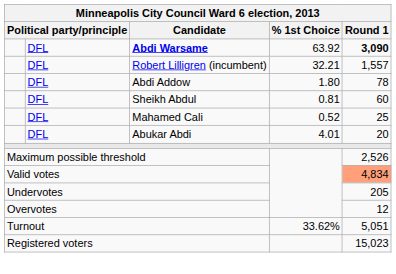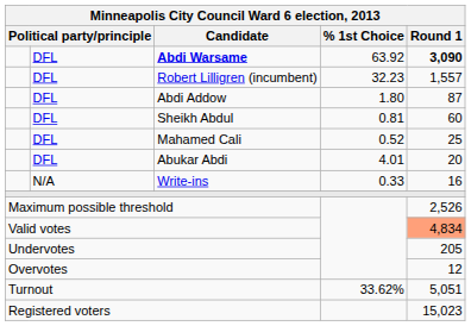 <table class="wikitable" style="font-size:95%">
 <tr>
 <th colspan="5">Minneapolis City Council Ward 6 election, 2013</th>
 </tr>
 <tr>
 <th colspan="2">Political party/principle</th>
 <th>Candidate</th>
 <th>% 1st Choice</th>
 <th>Round 1</th>
 </tr>
 <tr>
 <td style="background-color:"></td>
 <td><a href='#'>DFL</a></td>
 <td><strong><a href='#'>Abdi Warsame</a></strong></td>
 <td align="right">63.92</td>
 <td align="right"><strong>3,090</strong></td>
 </tr>
 <tr>
 <td style="background-color:"></td>
 <td><a href='#'>DFL</a></td>
 <td><a href='#'>Robert Lilligren</a> (incumbent)</td>
-<td align="right">32.21</td>
+<td align="right">32.23</td>
 <td align="right">1,557</td>
 </tr>
 <tr>
 <td style="background-color:"></td>
 <td><a href='#'>DFL</a></td>
 <td>Abdi Addow</td>
 <td align="right">1.80</td>
-<td align="right">78</td>
+<td align="right">87</td>
 </tr>
 <tr>
 <td style="background-color:"></td>
 <td><a href='#'>DFL</a></td>
 <td>Sheikh Abdul</td>
 <td align="right">0.81</td>
 <td align="right">60</td>
 </tr>
 <tr>
 <td style="background-color:"></td>
 <td><a href='#'>DFL</a></td>
 <td>Mahamed Cali</td>
 <td align="right">0.52</td>
 <td align="right">25</td>
 </tr>
 <tr>
 <td style="background-color:"></td>
 <td><a href='#'>DFL</a></td>
 <td>Abukar Abdi</td>
 <td align="right">4.01</td>
 <td align="right">20</td>
+</tr>
+<tr>
+<td style="background-color:"></td>
+<td>N/A</td>
+<td><a href='#'>Write-ins</a></td>
+<td align="right">0.33</td>
+<td align="right">16</td>
 </tr>
 <tr>
 <td colspan="5" style="background: #E9E9E9"></td>
 </tr>
 <tr>
 <td colspan="3">Maximum possible threshold</td>
 <td rowspan="4"></td>
 <td align="right">2,526</td>
 </tr>
 <tr>
 <td colspan="3">Valid votes</td>
 <td align="right" style="background: lightsalmon;">4,834</td>
 </tr>
 <tr>
 <td colspan="3">Undervotes</td>
 <td align="right">205</td>
 </tr>
 <tr>
 <td colspan="3">Overvotes</td>
 <td align="right">12</td>
 </tr>
 <tr>
 <td colspan="3">Turnout</td>
 <td align="right">33.62%</td>
 <td align="right">5,051</td>
 </tr>
 <tr>
 <td colspan="3">Registered voters</td>
 <td></td>
 <td align="right">15,023</td>
 </tr>
 </table>
